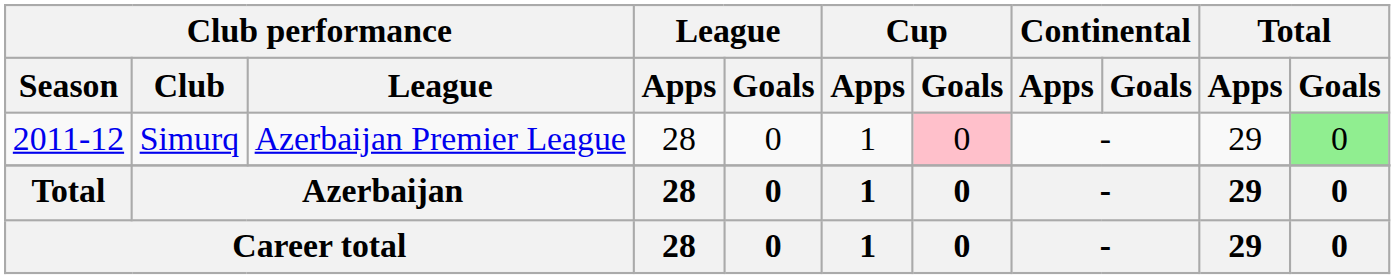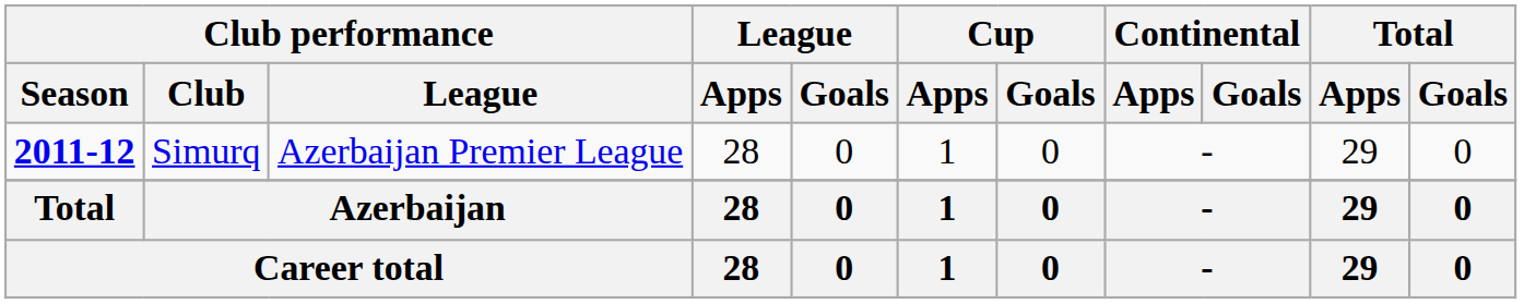 <table class="wikitable" style="text-align:center">
 <tr>
 <th colspan=3>Club performance</th>
 <th colspan=2>League</th>
 <th colspan=2>Cup</th>
 <th colspan=2>Continental</th>
 <th colspan=2>Total</th>
 </tr>
 <tr>
 <th>Season</th>
 <th>Club</th>
 <th>League</th>
 <th>Apps</th>
 <th>Goals</th>
 <th>Apps</th>
 <th>Goals</th>
 <th>Apps</th>
 <th>Goals</th>
 <th>Apps</th>
 <th>Goals</th>
 </tr>
 <tr>
-<td><a href='#'>2011-12</a></td>
+<td><strong><a href='#'>2011-12</a></strong></td>
 <td><a href='#'>Simurq</a></td>
 <td><a href='#'>Azerbaijan Premier League</a></td>
 <td>28</td>
 <td>0</td>
 <td>1</td>
-<td style="background: pink;">0</td>
+<td>0</td>
 <td colspan="2">-</td>
 <td>29</td>
-<td style="background: lightgreen;">0</td>
+<td>0</td>
 </tr>
 <tr>
 </tr>
 <tr>
 <th rowspan=1>Total</th>
 <th colspan=2>Azerbaijan</th>
 <th>28</th>
 <th>0</th>
 <th>1</th>
 <th>0</th>
 <th colspan="2">-</th>
 <th>29</th>
 <th>0</th>
 </tr>
 <tr>
 <th colspan=3>Career total</th>
 <th>28</th>
 <th>0</th>
 <th>1</th>
 <th>0</th>
 <th colspan="2">-</th>
 <th>29</th>
 <th>0</th>
 </tr>
 </table>
